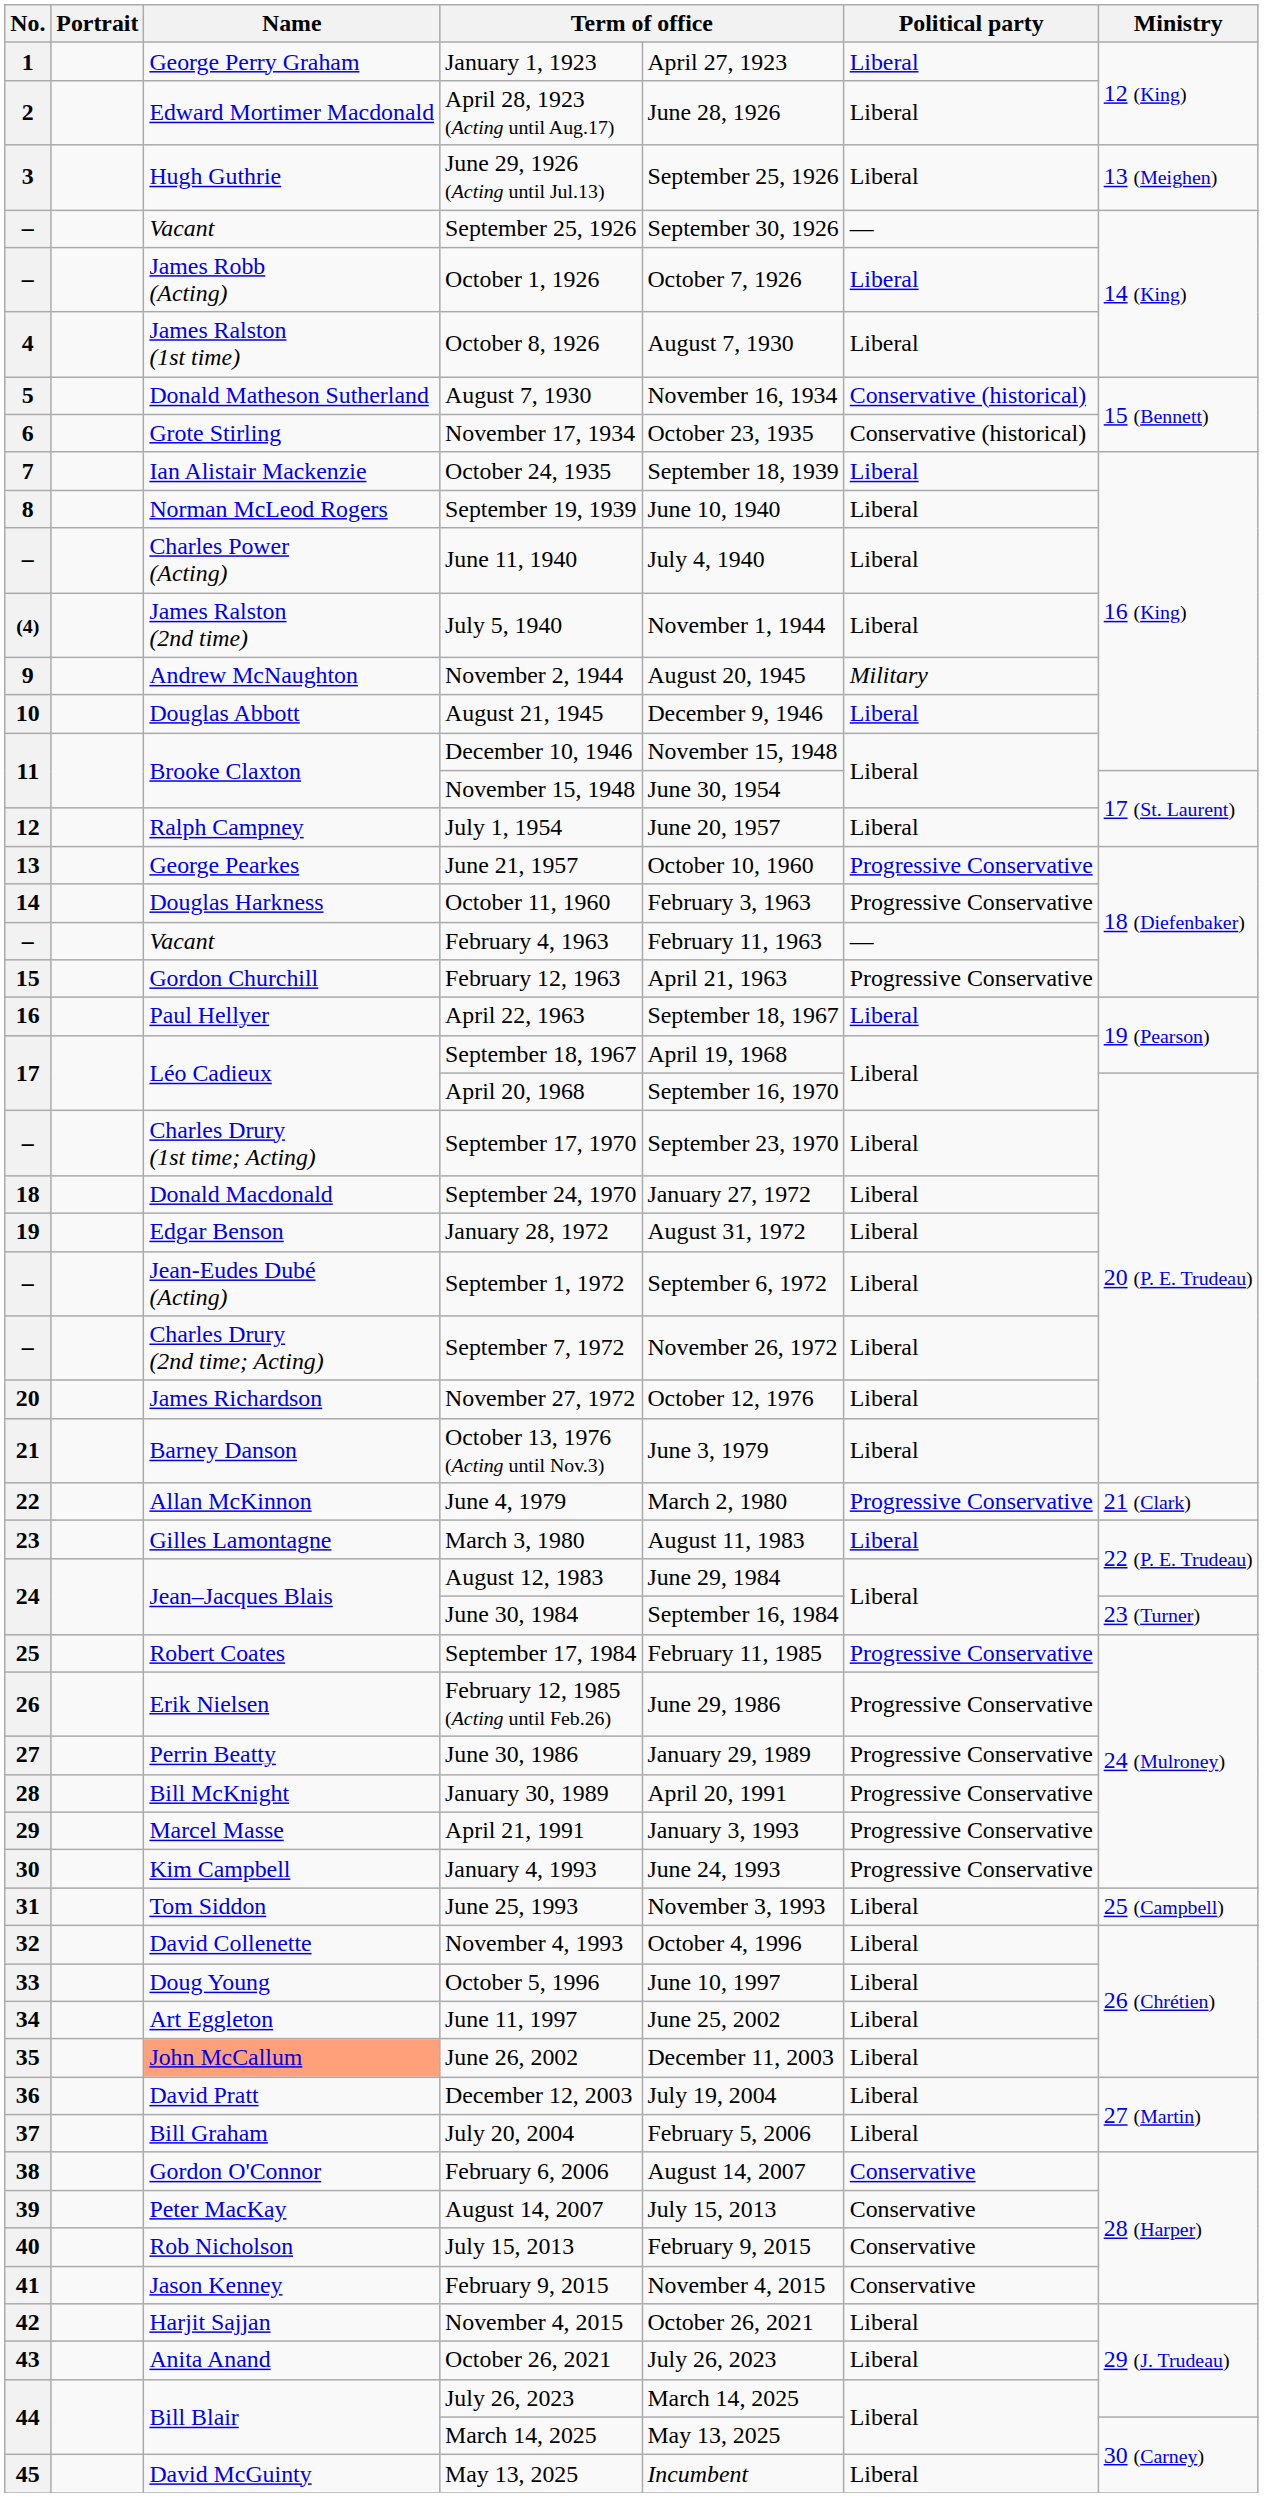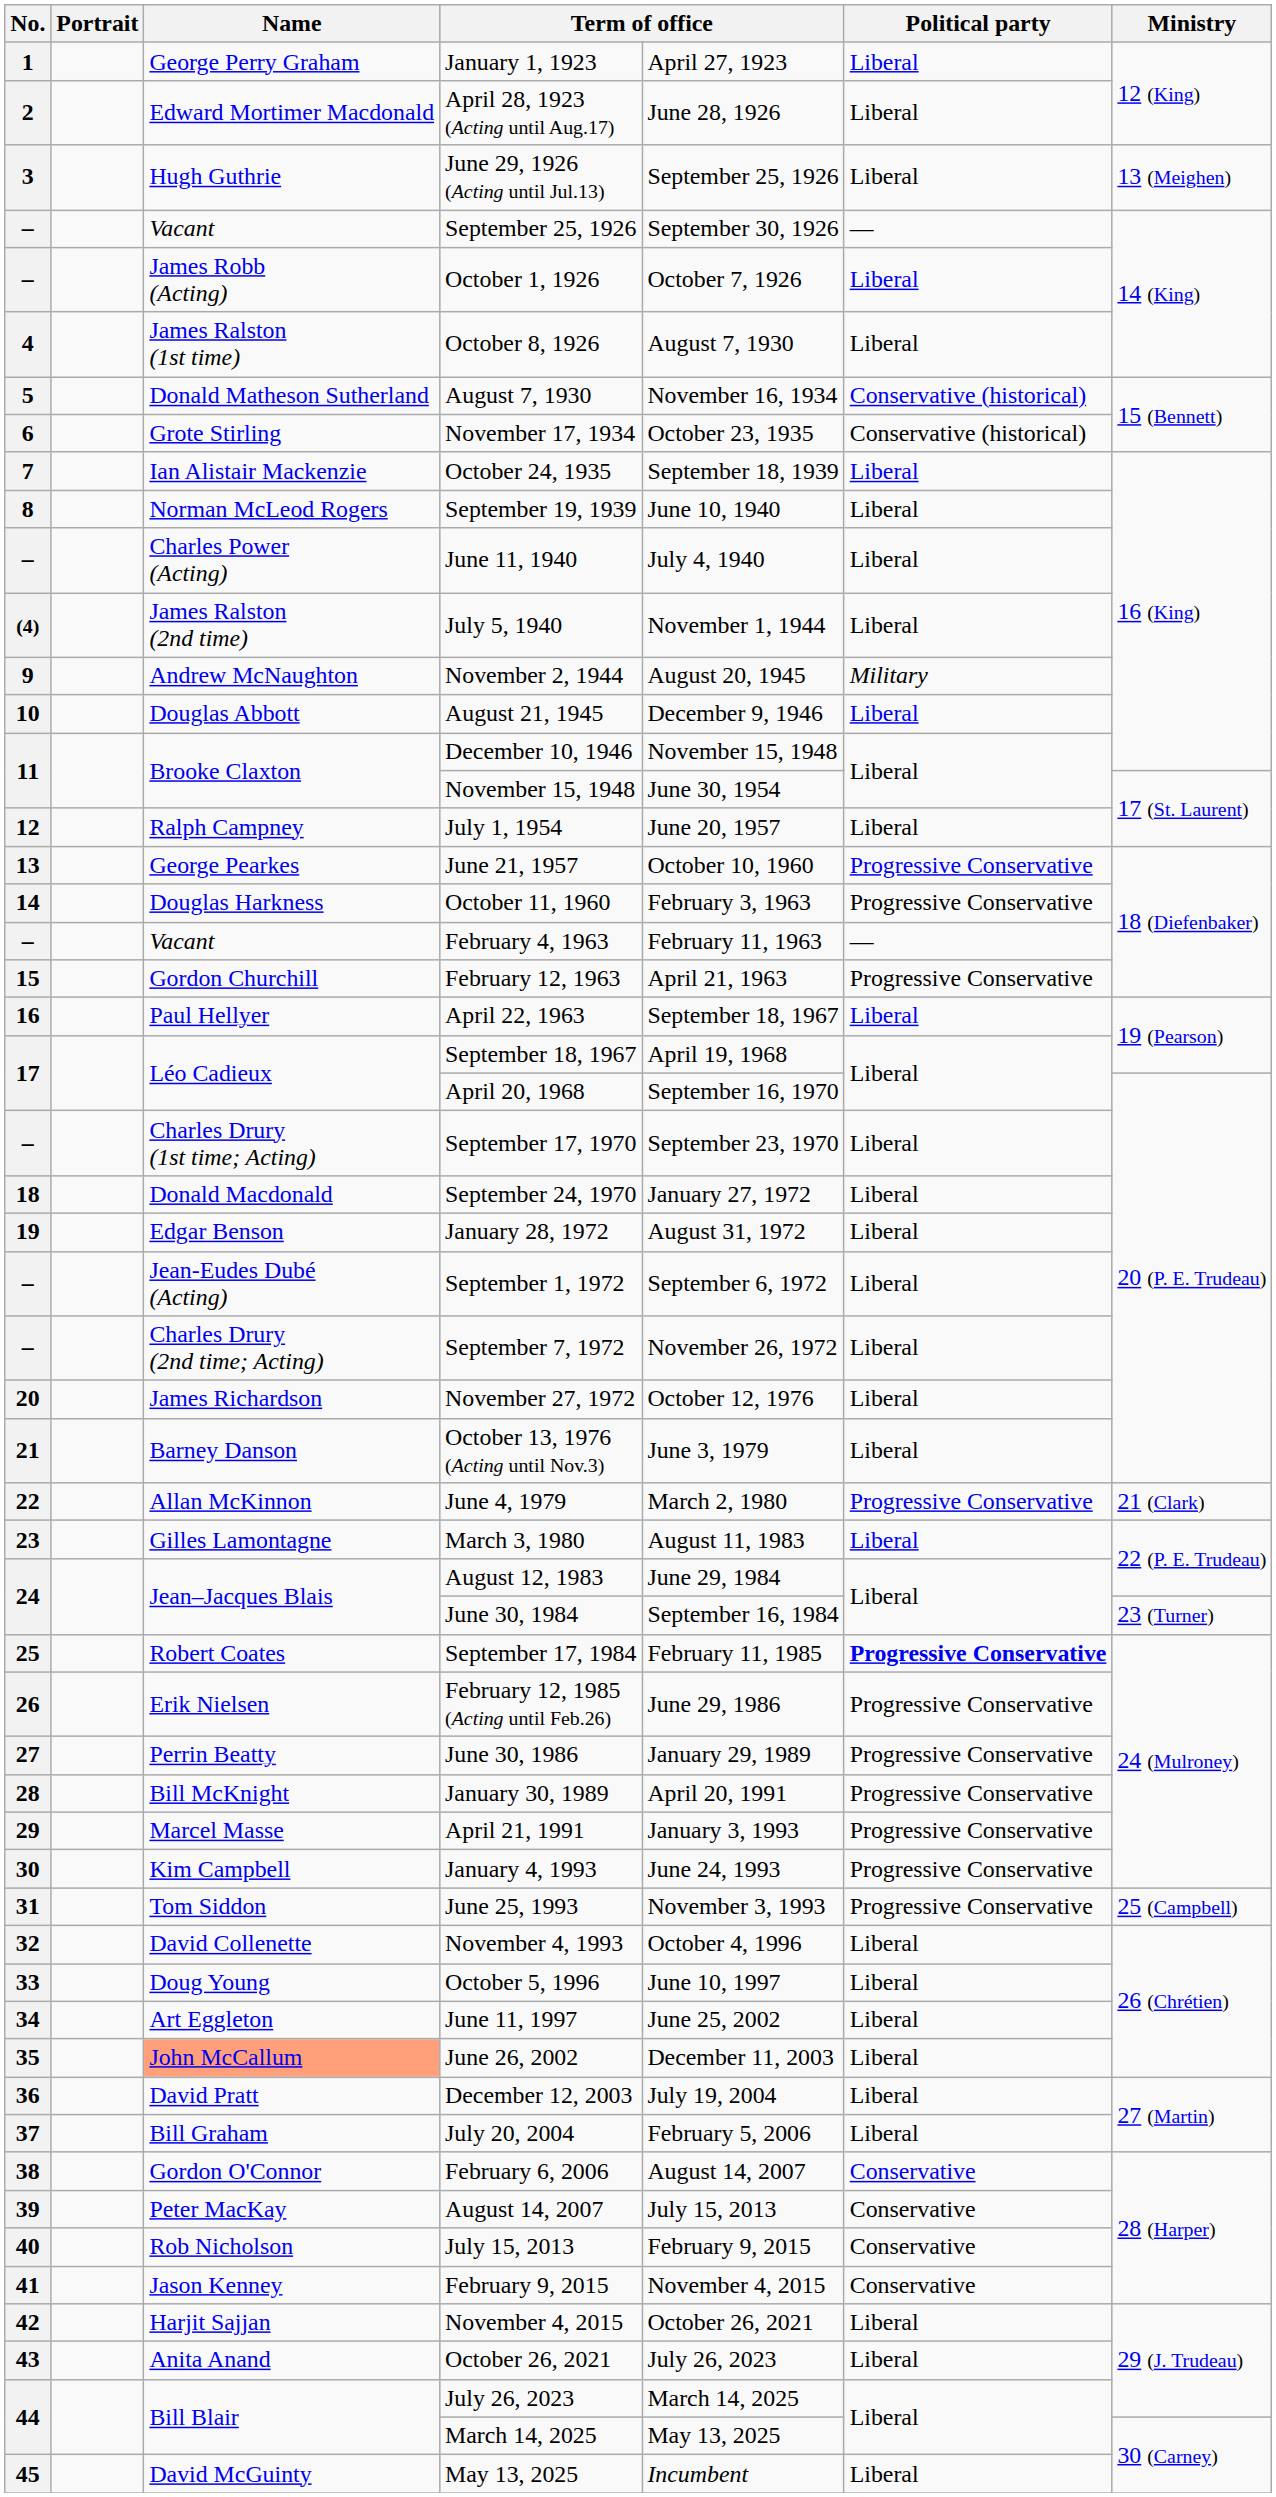 <table class="wikitable">
 <tr>
 <th>No.</th>
 <th>Portrait</th>
 <th>Name</th>
 <th colspan=2>Term of office</th>
 <th>Political party</th>
 <th>Ministry</th>
 </tr>
 <tr>
 <th style="background:">1</th>
 <td></td>
 <td><a href='#'>George Perry Graham</a></td>
 <td>January 1, 1923</td>
 <td>April 27, 1923</td>
 <td><a href='#'>Liberal</a></td>
 <td rowspan=2><a href='#'>12</a> <small>(<a href='#'>King</a>)</small></td>
 </tr>
 <tr>
 <th style="background:">2</th>
 <td></td>
 <td><a href='#'>Edward Mortimer Macdonald</a></td>
 <td>April 28, 1923<br><small>(<em>Acting</em> until Aug.17)</small></td>
 <td>June 28, 1926</td>
 <td>Liberal</td>
 </tr>
 <tr>
 <th style="background:">3</th>
 <td></td>
 <td><a href='#'>Hugh Guthrie</a></td>
 <td>June 29, 1926<br><small>(<em>Acting</em> until Jul.13)</small></td>
 <td>September 25, 1926</td>
 <td>Liberal</td>
 <td><a href='#'>13</a> <small>(<a href='#'>Meighen</a>)</small></td>
 </tr>
 <tr>
 <th>–</th>
 <td></td>
 <td><em>Vacant</em></td>
 <td>September 25, 1926</td>
 <td>September 30, 1926</td>
 <td>—</td>
 <td rowspan=3><a href='#'>14</a> <small>(<a href='#'>King</a>)</small></td>
 </tr>
 <tr>
 <th style="background:">–</th>
 <td></td>
 <td><a href='#'>James Robb</a><br><em>(Acting)</em></td>
 <td>October 1, 1926</td>
 <td>October 7, 1926</td>
 <td><a href='#'>Liberal</a></td>
 </tr>
 <tr>
 <th style="background:">4</th>
 <td></td>
 <td><a href='#'>James Ralston</a><br><em>(1st time)</em></td>
 <td>October 8, 1926</td>
 <td>August 7, 1930</td>
 <td>Liberal</td>
 </tr>
 <tr>
 <th style="background:">5</th>
 <td></td>
 <td><a href='#'>Donald Matheson Sutherland</a></td>
 <td>August 7, 1930</td>
 <td>November 16, 1934</td>
 <td><a href='#'>Conservative (historical)</a></td>
 <td rowspan=2><a href='#'>15</a> <small>(<a href='#'>Bennett</a>)</small></td>
 </tr>
 <tr>
 <th style="background:">6</th>
 <td></td>
 <td><a href='#'>Grote Stirling</a></td>
 <td>November 17, 1934</td>
 <td>October 23, 1935</td>
 <td>Conservative (historical)</td>
 </tr>
 <tr>
 <th style="background:">7</th>
 <td></td>
 <td><a href='#'>Ian Alistair Mackenzie</a></td>
 <td>October 24, 1935</td>
 <td>September 18, 1939</td>
 <td><a href='#'>Liberal</a></td>
 <td rowspan=7><a href='#'>16</a> <small>(<a href='#'>King</a>)</small></td>
 </tr>
 <tr>
 <th style="background:">8</th>
 <td></td>
 <td><a href='#'>Norman McLeod Rogers</a></td>
 <td>September 19, 1939</td>
 <td>June 10, 1940</td>
 <td>Liberal</td>
 </tr>
 <tr>
 <th style="background:">–</th>
 <td></td>
 <td><a href='#'>Charles Power</a><br><em>(Acting)</em></td>
 <td>June 11, 1940</td>
 <td>July 4, 1940</td>
 <td>Liberal</td>
 </tr>
 <tr>
 <th style="background:"><small>(4)</small></th>
 <td></td>
 <td><a href='#'>James Ralston</a><br><em>(2nd time)</em></td>
 <td>July 5, 1940</td>
 <td>November 1, 1944</td>
 <td>Liberal</td>
 </tr>
 <tr>
 <th style="background:">9</th>
 <td></td>
 <td><a href='#'>Andrew McNaughton</a></td>
 <td>November 2, 1944</td>
 <td>August 20, 1945</td>
 <td><em>Military</em></td>
 </tr>
 <tr>
 <th style="background:">10</th>
 <td></td>
 <td><a href='#'>Douglas Abbott</a></td>
 <td>August 21, 1945</td>
 <td>December 9, 1946</td>
 <td><a href='#'>Liberal</a></td>
 </tr>
 <tr>
 <th rowspan=2 style="background:">11</th>
 <td rowspan=2></td>
 <td rowspan=2><a href='#'>Brooke Claxton</a></td>
 <td>December 10, 1946</td>
 <td>November 15, 1948</td>
 <td rowspan=2>Liberal</td>
 </tr>
 <tr>
 <td>November 15, 1948</td>
 <td>June 30, 1954</td>
 <td rowspan=2><a href='#'>17</a> <small>(<a href='#'>St. Laurent</a>)</small></td>
 </tr>
 <tr>
 <th style="background:">12</th>
 <td></td>
 <td><a href='#'>Ralph Campney</a></td>
 <td>July 1, 1954</td>
 <td>June 20, 1957</td>
 <td>Liberal</td>
 </tr>
 <tr>
 <th style="background:">13</th>
 <td></td>
 <td><a href='#'>George Pearkes</a></td>
 <td>June 21, 1957</td>
 <td>October 10, 1960</td>
 <td><a href='#'>Progressive Conservative</a></td>
 <td rowspan=4><a href='#'>18</a> <small>(<a href='#'>Diefenbaker</a>)</small></td>
 </tr>
 <tr>
 <th style="background:">14</th>
 <td></td>
 <td><a href='#'>Douglas Harkness</a></td>
 <td>October 11, 1960</td>
 <td>February 3, 1963</td>
 <td>Progressive Conservative</td>
 </tr>
 <tr>
 <th>–</th>
 <td></td>
 <td><em>Vacant</em></td>
 <td>February 4, 1963</td>
 <td>February 11, 1963</td>
 <td>—</td>
 </tr>
 <tr>
 <th style="background:">15</th>
 <td></td>
 <td><a href='#'>Gordon Churchill</a></td>
 <td>February 12, 1963</td>
 <td>April 21, 1963</td>
 <td>Progressive Conservative</td>
 </tr>
 <tr>
 <th style="background:">16</th>
 <td></td>
 <td><a href='#'>Paul Hellyer</a></td>
 <td>April 22, 1963</td>
 <td>September 18, 1967</td>
 <td><a href='#'>Liberal</a></td>
 <td rowspan=2><a href='#'>19</a> <small>(<a href='#'>Pearson</a>)</small></td>
 </tr>
 <tr>
 <th rowspan=2 style="background:">17</th>
 <td rowspan=2></td>
 <td rowspan=2><a href='#'>Léo Cadieux</a></td>
 <td>September 18, 1967</td>
 <td>April 19, 1968</td>
 <td rowspan=2>Liberal</td>
 </tr>
 <tr>
 <td>April 20, 1968</td>
 <td>September 16, 1970</td>
 <td rowspan=8><a href='#'>20</a> <small>(<a href='#'>P. E. Trudeau</a>)</small></td>
 </tr>
 <tr>
 <th style="background:">–</th>
 <td></td>
 <td><a href='#'>Charles Drury</a><br><em>(1st time; Acting)</em></td>
 <td>September 17, 1970</td>
 <td>September 23, 1970</td>
 <td>Liberal</td>
 </tr>
 <tr>
 <th style="background:">18</th>
 <td></td>
 <td><a href='#'>Donald Macdonald</a></td>
 <td>September 24, 1970</td>
 <td>January 27, 1972</td>
 <td>Liberal</td>
 </tr>
 <tr>
 <th style="background:">19</th>
 <td></td>
 <td><a href='#'>Edgar Benson</a></td>
 <td>January 28, 1972</td>
 <td>August 31, 1972</td>
 <td>Liberal</td>
 </tr>
 <tr>
 <th style="background:">–</th>
 <td></td>
 <td><a href='#'>Jean-Eudes Dubé</a><br><em>(Acting)</em></td>
 <td>September 1, 1972</td>
 <td>September 6, 1972</td>
 <td>Liberal</td>
 </tr>
 <tr>
 <th style="background:">–</th>
 <td></td>
 <td><a href='#'>Charles Drury</a><br><em>(2nd time; Acting)</em></td>
 <td>September 7, 1972</td>
 <td>November 26, 1972</td>
 <td>Liberal</td>
 </tr>
 <tr>
 <th style="background:">20</th>
 <td></td>
 <td><a href='#'>James Richardson</a></td>
 <td>November 27, 1972</td>
 <td>October 12, 1976</td>
 <td>Liberal</td>
 </tr>
 <tr>
 <th style="background:">21</th>
 <td></td>
 <td><a href='#'>Barney Danson</a></td>
 <td>October 13, 1976<br><small>(<em>Acting</em> until Nov.3)</small></td>
 <td>June 3, 1979</td>
 <td>Liberal</td>
 </tr>
 <tr>
 <th style="background:">22</th>
 <td></td>
 <td><a href='#'>Allan McKinnon</a></td>
 <td>June 4, 1979</td>
 <td>March 2, 1980</td>
 <td><a href='#'>Progressive Conservative</a></td>
 <td><a href='#'>21</a> <small>(<a href='#'>Clark</a>)</small></td>
 </tr>
 <tr>
 <th style="background:">23</th>
 <td></td>
 <td><a href='#'>Gilles Lamontagne</a></td>
 <td>March 3, 1980</td>
 <td>August 11, 1983</td>
 <td><a href='#'>Liberal</a></td>
 <td rowspan=2><a href='#'>22</a> <small>(<a href='#'>P. E. Trudeau</a>)</small></td>
 </tr>
 <tr>
 <th rowspan=2 style="background:">24</th>
 <td rowspan=2></td>
 <td rowspan=2><a href='#'>Jean–Jacques Blais</a></td>
 <td>August 12, 1983</td>
 <td>June 29, 1984</td>
 <td rowspan=2>Liberal</td>
 </tr>
 <tr>
 <td>June 30, 1984</td>
 <td>September 16, 1984</td>
 <td><a href='#'>23</a> <small>(<a href='#'>Turner</a>)</small></td>
 </tr>
 <tr>
 <th style="background:">25</th>
 <td></td>
 <td><a href='#'>Robert Coates</a></td>
 <td>September 17, 1984</td>
 <td>February 11, 1985</td>
-<td><a href='#'>Progressive Conservative</a></td>
+<td><strong><a href='#'>Progressive Conservative</a></strong></td>
 <td rowspan=6><a href='#'>24</a> <small>(<a href='#'>Mulroney</a>)</small></td>
 </tr>
 <tr>
 <th style="background:">26</th>
 <td></td>
 <td><a href='#'>Erik Nielsen</a></td>
 <td>February 12, 1985<br><small>(<em>Acting</em> until Feb.26)</small></td>
 <td>June 29, 1986</td>
 <td>Progressive Conservative</td>
 </tr>
 <tr>
 <th style="background:">27</th>
 <td></td>
 <td><a href='#'>Perrin Beatty</a></td>
 <td>June 30, 1986</td>
 <td>January 29, 1989</td>
 <td>Progressive Conservative</td>
 </tr>
 <tr>
 <th style="background:">28</th>
 <td></td>
 <td><a href='#'>Bill McKnight</a></td>
 <td>January 30, 1989</td>
 <td>April 20, 1991</td>
 <td>Progressive Conservative</td>
 </tr>
 <tr>
 <th style="background:">29</th>
 <td></td>
 <td><a href='#'>Marcel Masse</a></td>
 <td>April 21, 1991</td>
 <td>January 3, 1993</td>
 <td>Progressive Conservative</td>
 </tr>
 <tr>
 <th style="background:">30</th>
 <td></td>
 <td><a href='#'>Kim Campbell</a></td>
 <td>January 4, 1993</td>
 <td>June 24, 1993</td>
 <td>Progressive Conservative</td>
 </tr>
 <tr>
 <th style="background:">31</th>
 <td></td>
 <td><a href='#'>Tom Siddon</a></td>
 <td>June 25, 1993</td>
 <td>November 3, 1993</td>
-<td>Liberal</td>
+<td>Progressive Conservative</td>
 <td><a href='#'>25</a> <small>(<a href='#'>Campbell</a>)</small></td>
 </tr>
 <tr>
 <th style="background:">32</th>
 <td></td>
 <td><a href='#'>David Collenette</a></td>
 <td>November 4, 1993</td>
 <td>October 4, 1996</td>
 <td>Liberal</td>
 <td rowspan=4><a href='#'>26</a> <small>(<a href='#'>Chrétien</a>)</small></td>
 </tr>
 <tr>
 <th style="background:">33</th>
 <td></td>
 <td><a href='#'>Doug Young</a></td>
 <td>October 5, 1996</td>
 <td>June 10, 1997</td>
 <td>Liberal</td>
 </tr>
 <tr>
 <th style="background:">34</th>
 <td></td>
 <td><a href='#'>Art Eggleton</a></td>
 <td>June 11, 1997</td>
 <td>June 25, 2002</td>
 <td>Liberal</td>
 </tr>
 <tr>
 <th style="background:">35</th>
 <td></td>
 <td style="background: lightsalmon;"><a href='#'>John McCallum</a></td>
 <td>June 26, 2002</td>
 <td>December 11, 2003</td>
 <td>Liberal</td>
 </tr>
 <tr>
 <th style="background:">36</th>
 <td></td>
 <td><a href='#'>David Pratt</a></td>
 <td>December 12, 2003</td>
 <td>July 19, 2004</td>
 <td>Liberal</td>
 <td rowspan=2><a href='#'>27</a> <small>(<a href='#'>Martin</a>)</small></td>
 </tr>
 <tr>
 <th style="background:">37</th>
 <td></td>
 <td><a href='#'>Bill Graham</a></td>
 <td>July 20, 2004</td>
 <td>February 5, 2006</td>
 <td>Liberal</td>
 </tr>
 <tr>
 <th style="background:">38</th>
 <td></td>
 <td><a href='#'>Gordon O'Connor</a></td>
 <td>February 6, 2006</td>
 <td>August 14, 2007</td>
 <td><a href='#'>Conservative</a></td>
 <td rowspan=4><a href='#'>28</a> <small>(<a href='#'>Harper</a>)</small></td>
 </tr>
 <tr>
 <th style="background:">39</th>
 <td></td>
 <td><a href='#'>Peter MacKay</a></td>
 <td>August 14, 2007</td>
 <td>July 15, 2013</td>
 <td>Conservative</td>
 </tr>
 <tr>
 <th style="background:">40</th>
 <td></td>
 <td><a href='#'>Rob Nicholson</a></td>
 <td>July 15, 2013</td>
 <td>February 9, 2015</td>
 <td>Conservative</td>
 </tr>
 <tr>
 <th style="background:">41</th>
 <td></td>
 <td><a href='#'>Jason Kenney</a></td>
 <td>February 9, 2015</td>
 <td>November 4, 2015</td>
 <td>Conservative</td>
 </tr>
 <tr>
 <th style="background:">42</th>
 <td></td>
 <td><a href='#'>Harjit Sajjan</a></td>
 <td>November 4, 2015</td>
 <td>October 26, 2021</td>
 <td>Liberal</td>
 <td rowspan=3><a href='#'>29</a> <small>(<a href='#'>J. Trudeau</a>)</small></td>
 </tr>
 <tr>
 <th style="background:">43</th>
 <td></td>
 <td><a href='#'>Anita Anand</a></td>
 <td>October 26, 2021</td>
 <td>July 26, 2023</td>
 <td>Liberal</td>
 </tr>
 <tr>
 <th rowspan=2 style="background:">44</th>
 <td rowspan=2></td>
 <td rowspan=2><a href='#'>Bill Blair</a></td>
 <td>July 26, 2023</td>
 <td>March 14, 2025</td>
 <td rowspan=2>Liberal</td>
 </tr>
 <tr>
 <td>March 14, 2025</td>
 <td>May 13, 2025</td>
 <td rowspan=2><a href='#'>30</a> <small>(<a href='#'>Carney</a>)</small></td>
 </tr>
 <tr>
 <th style="background:">45</th>
 <td></td>
 <td><a href='#'>David McGuinty</a></td>
 <td>May 13, 2025</td>
 <td><em>Incumbent</em></td>
 <td>Liberal</td>
 </tr>
 </table>
